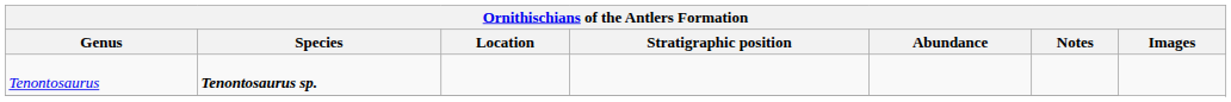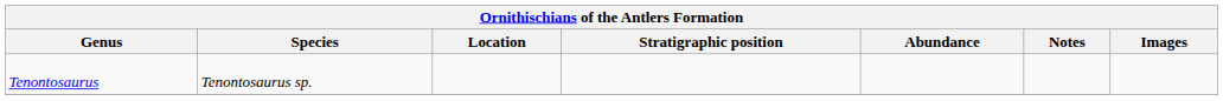 <table class="wikitable" align="center" width="100%">
 <tr>
 <th colspan="7" align="center"><strong><a href='#'>Ornithischians</a> of the Antlers Formation</strong></th>
 </tr>
 <tr>
 <th>Genus</th>
 <th>Species</th>
 <th>Location</th>
 <th>Stratigraphic position</th>
 <th>Abundance</th>
 <th>Notes</th>
 <th>Images</th>
 </tr>
 <tr>
 <td><br><em><a href='#'>Tenontosaurus</a></em></td>
-<td><strong><br><em>Tenontosaurus sp.</em></strong></td>
+<td><br><em>Tenontosaurus sp.</em></td>
 <td></td>
 <td></td>
 <td></td>
 <td></td>
 <td rowspan="99"><br></td>
 </tr>
 <tr>
 </tr>
 </table>
